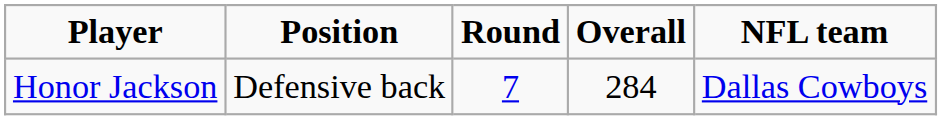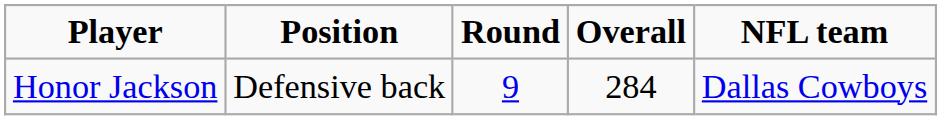 <table class="wikitable" style="text-align:center">
 <tr style="text-align:center; ">
 <td><strong>Player</strong></td>
 <td><strong>Position</strong></td>
 <td><strong>Round</strong></td>
 <td><strong>Overall</strong></td>
 <td><strong>NFL team</strong></td>
 </tr>
 <tr align="center" bgcolor="">
 <td><a href='#'>Honor Jackson</a></td>
 <td>Defensive back</td>
-<td><a href='#'>7</a></td>
+<td><a href='#'>9</a></td>
 <td>284</td>
 <td><a href='#'>Dallas Cowboys</a></td>
 </tr>
 </table>
